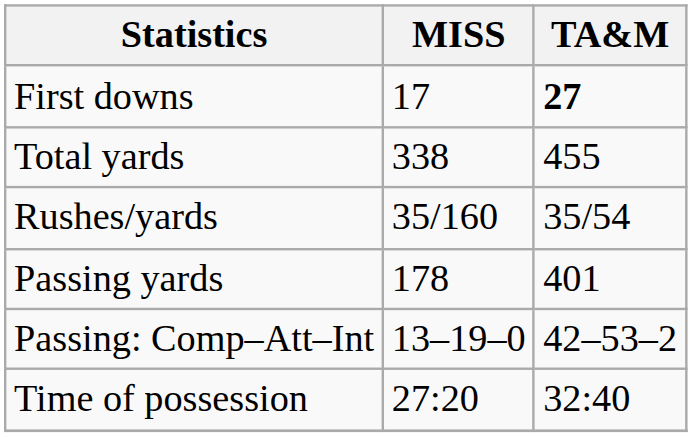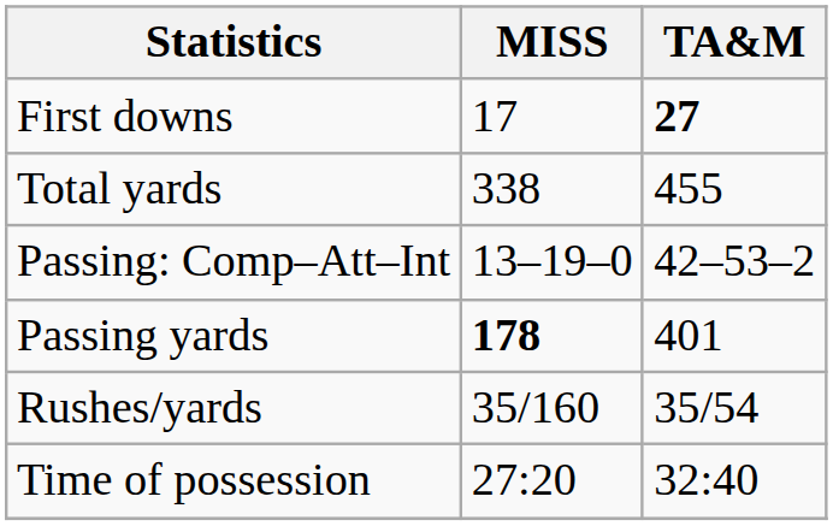 <table class="wikitable" style="float: left;">
 <tr>
 <th>Statistics</th>
 <th>MISS</th>
 <th>TA&M</th>
 </tr>
 <tr>
 <td>First downs</td>
 <td>17</td>
 <td><strong>27</strong></td>
 </tr>
 <tr>
 <td>Total yards</td>
 <td>338</td>
 <td>455</td>
 </tr>
 <tr>
+<td>Passing: Comp–Att–Int</td>
+<td>13–19–0</td>
+<td>42–53–2</td>
+</tr>
+<tr>
+<td>Passing yards</td>
+<td><strong>178</strong></td>
+<td>401</td>
+</tr>
+<tr>
 <td>Rushes/yards</td>
 <td>35/160</td>
 <td>35/54</td>
-</tr>
-<tr>
-<td>Passing yards</td>
-<td>178</td>
-<td>401</td>
-</tr>
-<tr>
-<td>Passing: Comp–Att–Int</td>
-<td>13–19–0</td>
-<td>42–53–2</td>
 </tr>
 <tr>
 <td>Time of possession</td>
 <td>27:20</td>
 <td>32:40</td>
 </tr>
 <tr>
 </tr>
 </table>
